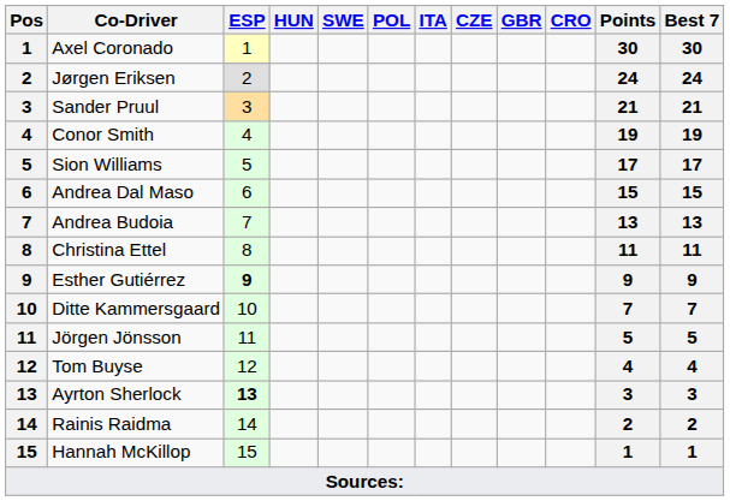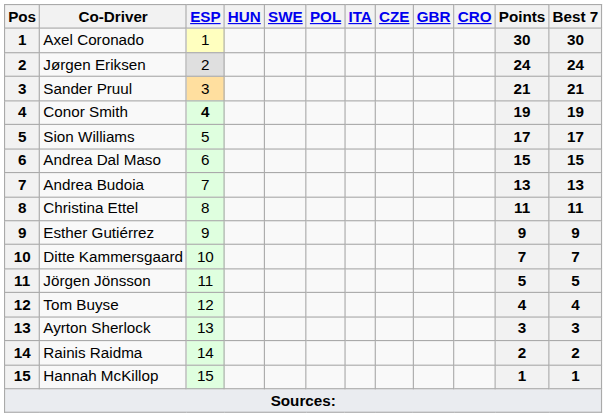 <table class="wikitable" style="font-size: 85%; text-align: center">
 <tr valign="top">
 <th valign="middle">Pos</th>
 <th valign="middle">Co-Driver</th>
 <th><a href='#'>ESP</a><br></th>
 <th><a href='#'>HUN</a><br></th>
 <th><a href='#'>SWE</a><br></th>
 <th><a href='#'>POL</a><br></th>
 <th><a href='#'>ITA</a><br></th>
 <th><a href='#'>CZE</a><br></th>
 <th><a href='#'>GBR</a><br></th>
 <th><a href='#'>CRO</a><br></th>
 <th valign="middle">Points</th>
 <th valign="middle">Best 7</th>
 </tr>
 <tr>
 <th>1</th>
 <td align="left"> Axel Coronado</td>
 <td style="background:#FFFFBF;">1</td>
 <td></td>
 <td></td>
 <td></td>
 <td></td>
 <td></td>
 <td></td>
 <td></td>
 <th>30</th>
 <th>30</th>
 </tr>
 <tr>
 <th>2</th>
 <td align="left"> Jørgen Eriksen</td>
 <td style="background:#DFDFDF;">2</td>
 <td></td>
 <td></td>
 <td></td>
 <td></td>
 <td></td>
 <td></td>
 <td></td>
 <th>24</th>
 <th>24</th>
 </tr>
 <tr>
 <th>3</th>
 <td align="left"> Sander Pruul</td>
 <td style="background:#FFDF9F;">3</td>
 <td></td>
 <td></td>
 <td></td>
 <td></td>
 <td></td>
 <td></td>
 <td></td>
 <th>21</th>
 <th>21</th>
 </tr>
 <tr>
 <th>4</th>
 <td align="left"> Conor Smith</td>
-<td style="background:#DFFFDF;">4</td>
+<td style="background:#DFFFDF;"><strong>4</strong></td>
 <td></td>
 <td></td>
 <td></td>
 <td></td>
 <td></td>
 <td></td>
 <td></td>
 <th>19</th>
 <th>19</th>
 </tr>
 <tr>
 <th>5</th>
 <td align="left"> Sion Williams</td>
 <td style="background:#DFFFDF;">5</td>
 <td></td>
 <td></td>
 <td></td>
 <td></td>
 <td></td>
 <td></td>
 <td></td>
 <th>17</th>
 <th>17</th>
 </tr>
 <tr>
 <th>6</th>
 <td align="left"> Andrea Dal Maso</td>
 <td style="background:#DFFFDF;">6</td>
 <td></td>
 <td></td>
 <td></td>
 <td></td>
 <td></td>
 <td></td>
 <td></td>
 <th>15</th>
 <th>15</th>
 </tr>
 <tr>
 <th>7</th>
 <td align="left"> Andrea Budoia</td>
 <td style="background:#DFFFDF;">7</td>
 <td></td>
 <td></td>
 <td></td>
 <td></td>
 <td></td>
 <td></td>
 <td></td>
 <th>13</th>
 <th>13</th>
 </tr>
 <tr>
 <th>8</th>
 <td align="left"> Christina Ettel</td>
 <td style="background:#DFFFDF;">8</td>
 <td></td>
 <td></td>
 <td></td>
 <td></td>
 <td></td>
 <td></td>
 <td></td>
 <th>11</th>
 <th>11</th>
 </tr>
 <tr>
 <th>9</th>
 <td align="left"> Esther Gutiérrez</td>
-<td style="background:#DFFFDF;"><strong>9</strong></td>
+<td style="background:#DFFFDF;">9</td>
 <td></td>
 <td></td>
 <td></td>
 <td></td>
 <td></td>
 <td></td>
 <td></td>
 <th>9</th>
 <th>9</th>
 </tr>
 <tr>
 <th>10</th>
 <td align="left"> Ditte Kammersgaard</td>
 <td style="background:#DFFFDF;">10</td>
 <td></td>
 <td></td>
 <td></td>
 <td></td>
 <td></td>
 <td></td>
 <td></td>
 <th>7</th>
 <th>7</th>
 </tr>
 <tr>
 <th>11</th>
 <td align="left"> Jörgen Jönsson</td>
 <td style="background:#DFFFDF;">11</td>
 <td></td>
 <td></td>
 <td></td>
 <td></td>
 <td></td>
 <td></td>
 <td></td>
 <th>5</th>
 <th>5</th>
 </tr>
 <tr>
 <th>12</th>
 <td align="left"> Tom Buyse</td>
 <td style="background:#DFFFDF;">12</td>
 <td></td>
 <td></td>
 <td></td>
 <td></td>
 <td></td>
 <td></td>
 <td></td>
 <th>4</th>
 <th>4</th>
 </tr>
 <tr>
 <th>13</th>
 <td align="left"> Ayrton Sherlock</td>
-<td style="background:#DFFFDF;"><strong>13</strong></td>
+<td style="background:#DFFFDF;">13</td>
 <td></td>
 <td></td>
 <td></td>
 <td></td>
 <td></td>
 <td></td>
 <td></td>
 <th>3</th>
 <th>3</th>
 </tr>
 <tr>
 <th>14</th>
 <td align="left"> Rainis Raidma</td>
 <td style="background:#DFFFDF;">14</td>
 <td></td>
 <td></td>
 <td></td>
 <td></td>
 <td></td>
 <td></td>
 <td></td>
 <th>2</th>
 <th>2</th>
 </tr>
 <tr>
 <th>15</th>
 <td align="left"> Hannah McKillop</td>
 <td style="background:#DFFFDF;">15</td>
 <td></td>
 <td></td>
 <td></td>
 <td></td>
 <td></td>
 <td></td>
 <td></td>
 <th>1</th>
 <th>1</th>
 </tr>
 <tr>
 <td colspan="12" style="background-color:#EAECF0;text-align:center"><strong>Sources:</strong></td>
 </tr>
 </table>
